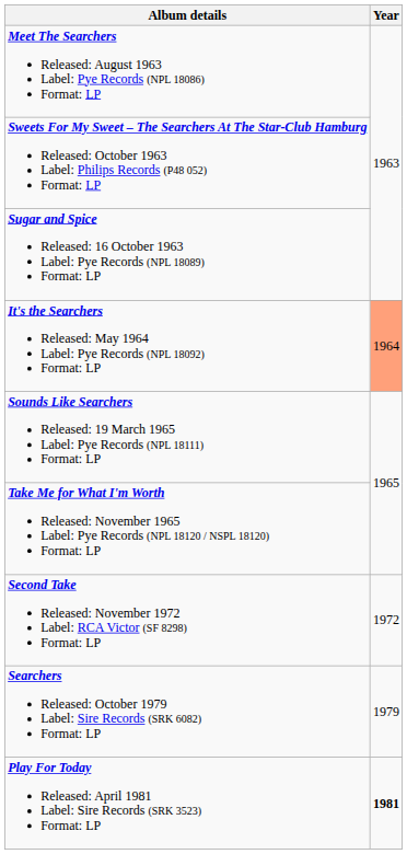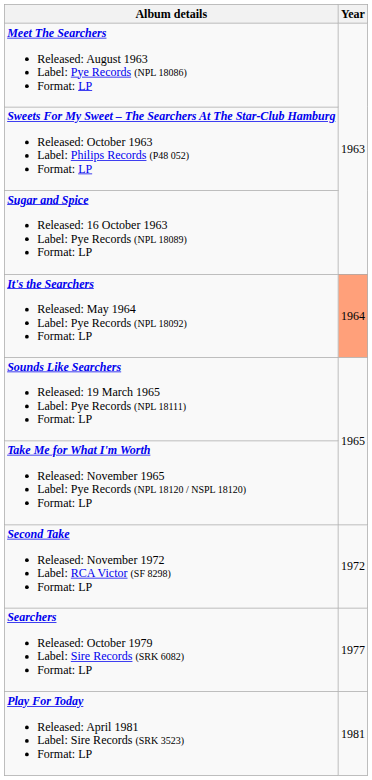 <table class="wikitable">
 <tr>
 <th>Album details</th>
 <th>Year</th>
 </tr>
 <tr>
 <td><strong><em><a href='#'>Meet The Searchers</a></em></strong><br><ul><li>Released: August 1963</li><li>Label: <a href='#'>Pye Records</a> <small>(NPL 18086)</small></li><li>Format: <a href='#'>LP</a></li></ul></td>
 <td rowspan="3">1963</td>
 </tr>
 <tr>
 <td><strong><em><a href='#'>Sweets For My Sweet – The Searchers At The Star-Club Hamburg</a></em></strong><br><ul><li>Released: October 1963</li><li>Label: <a href='#'>Philips Records</a> <small>(P48 052)</small></li><li>Format: <a href='#'>LP</a></li></ul></td>
 </tr>
 <tr>
 <td><strong><em><a href='#'>Sugar and Spice</a></em></strong><br><ul><li>Released: 16 October 1963</li><li>Label: Pye Records <small>(NPL 18089)</small></li><li>Format: LP</li></ul></td>
 </tr>
 <tr>
 <td><strong><em><a href='#'>It's the Searchers</a></em></strong><br><ul><li>Released: May 1964</li><li>Label: Pye Records <small>(NPL 18092)</small></li><li>Format: LP</li></ul></td>
 <td style="background: lightsalmon;">1964</td>
 </tr>
 <tr>
 <td><strong><em><a href='#'>Sounds Like Searchers</a></em></strong><br><ul><li>Released: 19 March 1965</li><li>Label: Pye Records <small>(NPL 18111)</small></li><li>Format: LP</li></ul></td>
 <td rowspan="2">1965</td>
 </tr>
 <tr>
 <td><strong><em><a href='#'>Take Me for What I'm Worth</a></em></strong><br><ul><li>Released: November 1965</li><li>Label: Pye Records <small>(NPL 18120 / NSPL 18120)</small></li><li>Format: LP</li></ul></td>
 </tr>
 <tr>
 <td><strong><em><a href='#'>Second Take</a></em></strong><br><ul><li>Released: November 1972</li><li>Label: <a href='#'>RCA Victor</a> <small>(SF 8298)</small></li><li>Format: LP</li></ul></td>
 <td>1972</td>
 </tr>
 <tr>
 <td><strong><em><a href='#'>Searchers</a></em></strong><br><ul><li>Released: October 1979</li><li>Label: <a href='#'>Sire Records</a> <small>(SRK 6082)</small></li><li>Format: LP</li></ul></td>
-<td>1979</td>
+<td>1977</td>
 </tr>
 <tr>
 <td><strong><em><a href='#'>Play For Today</a></em></strong><br><ul><li>Released: April 1981</li><li>Label: Sire Records <small>(SRK 3523)</small></li><li>Format: LP</li></ul></td>
-<td><strong>1981</strong></td>
+<td>1981</td>
 </tr>
 </table>
